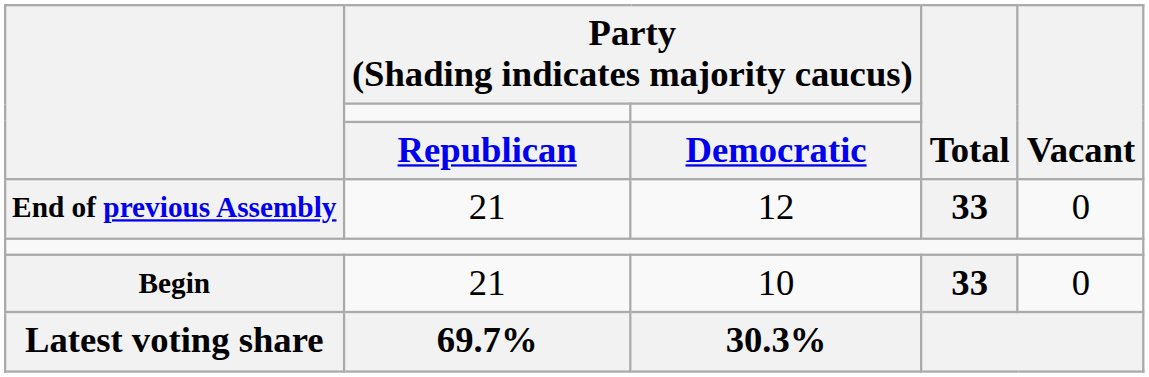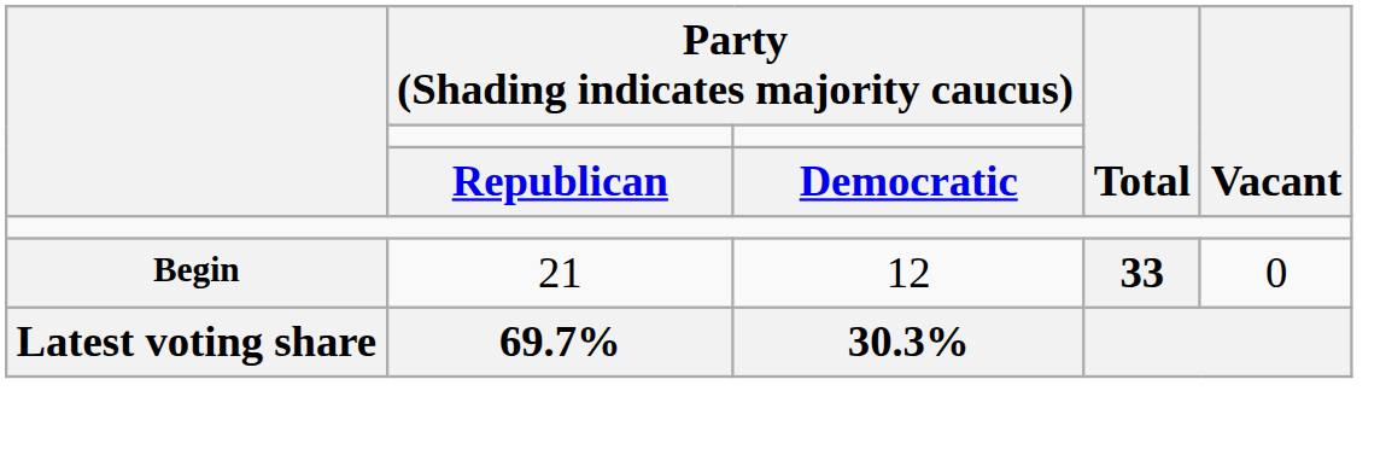 <table class=wikitable style="text-align:center">
 <tr style="vertical-align:bottom;">
 <th rowspan=3></th>
 <th colspan=2>Party <div>(Shading indicates majority caucus)</div></th>
 <th rowspan=3>Total</th>
 <th rowspan=3>Vacant</th>
 </tr>
 <tr style="height:5px">
 <td style="background-color:"></td>
 <td style="background-color:"></td>
 </tr>
 <tr>
 <th><a href='#'>Republican</a></th>
 <th><a href='#'>Democratic</a></th>
 </tr>
 <tr>
-<th nowrap style="font-size:80%">End of <a href='#'>previous Assembly</a></th>
-<td>21</td>
-<td>12</td>
-<th>33</th>
-<td>0</td>
-</tr>
-<tr>
 <td colspan=5></td>
 </tr>
 <tr>
 <th nowrap style="font-size:80%">Begin</th>
 <td>21</td>
-<td>10</td>
+<td>12</td>
 <th>33</th>
 <td>0</td>
 </tr>
 <tr>
 <th>Latest voting share</th>
 <th>69.7% </th>
 <th>30.3%</th>
 <th colspan=2></th>
 </tr>
 </table>
